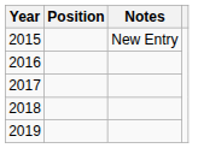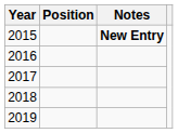 <table class="wikitable plainrowheaders" style="text-align:center;">
 <tr>
 <th>Year</th>
 <th>Position</th>
 <th>Notes</th>
 <th></th>
 </tr>
 <tr>
 <td>2015</td>
 <td></td>
-<td>New Entry</td>
+<td><strong>New Entry</strong></td>
 <td rowspan="5"></td>
 </tr>
 <tr>
 <td>2016</td>
 <td></td>
 <td></td>
 </tr>
 <tr>
 <td>2017</td>
 <td></td>
 <td></td>
 </tr>
 <tr>
 <td>2018</td>
 <td></td>
 <td></td>
 </tr>
 <tr>
 <td>2019</td>
 <td></td>
 <td></td>
 </tr>
 </table>
